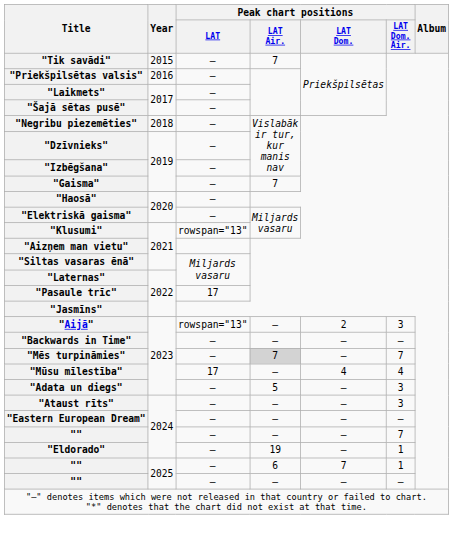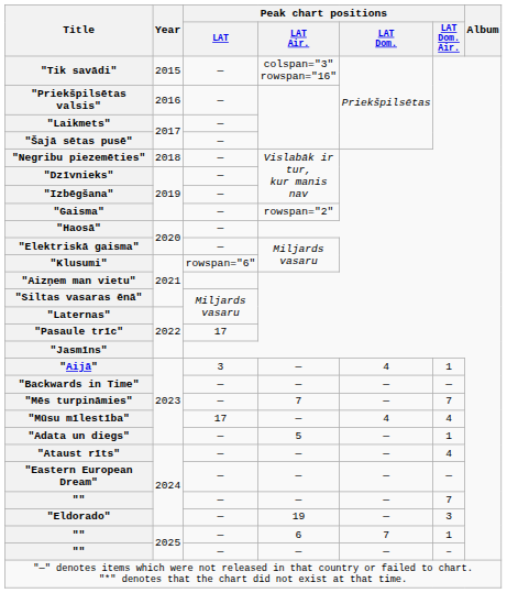 <table class="wikitable plainrowheaders" style="text-align:center;">
 <tr>
 <th scope="col" rowspan="2">Title</th>
 <th scope="col" rowspan="2">Year</th>
 <th scope="col" colspan="4">Peak chart positions</th>
 <th scope="col" rowspan="2">Album</th>
 </tr>
 <tr>
 <th scope="col" style="width:3em;font-size:85%;"><a href='#'>LAT</a><br></th>
 <th scope="col" style="width:3em;font-size:85%;"><a href='#'>LAT<br>Air.</a><br></th>
 <th scope="col" style="width:3em;font-size:85%;"><a href='#'>LAT<br>Dom.</a><br></th>
 <th scope="col" style="width:3em;font-size:85%;"><a href='#'>LAT<br>Dom.<br>Air.</a><br></th>
 </tr>
 <tr>
 <th scope="row">"Tik savādi"</th>
 <td>2015</td>
 <td>—</td>
-<td>7</td>
+<td>colspan="3" rowspan="16" </td>
 <td rowspan="4"><em>Priekšpilsētas</em></td>
 </tr>
 <tr>
 <th scope="row">"Priekšpilsētas valsis"</th>
 <td>2016</td>
 <td>—</td>
 </tr>
 <tr>
 <th scope="row">"Laikmets"</th>
 <td rowspan="2">2017</td>
 <td>—</td>
 </tr>
 <tr>
 <th scope="row">"Šajā sētas pusē"</th>
 <td>—</td>
 </tr>
 <tr>
 <th scope="row">"Negribu piezemēties"</th>
 <td>2018</td>
 <td>—</td>
 <td rowspan="3"><em>Vislabāk ir tur,<br>kur manis nav</em></td>
 </tr>
 <tr>
 <th scope="row">"Dzīvnieks"</th>
 <td rowspan="3">2019</td>
 <td>—</td>
 </tr>
 <tr>
 <th scope="row">"Izbēgšana"</th>
 <td>—</td>
 </tr>
 <tr>
 <th scope="row">"Gaisma"</th>
 <td>—</td>
-<td>7</td>
+<td>rowspan="2" </td>
 </tr>
 <tr>
 <th scope="row">"Haosā"<br></th>
 <td rowspan="2">2020</td>
 <td>—</td>
 </tr>
 <tr>
 <th scope="row">"Elektriskā gaisma"</th>
 <td>—</td>
 <td rowspan="2"><em>Miljards vasaru</em></td>
 </tr>
 <tr>
 <th scope="row">"Klusumi"</th>
 <td rowspan="3">2021</td>
-<td>rowspan="13" </td>
+<td>rowspan="6" </td>
 </tr>
 <tr>
 <th scope="row">"Aizņem man vietu"<br></th>
 <td></td>
 </tr>
 <tr>
 <th scope="row">"Siltas vasaras ēnā"</th>
 <td rowspan="2"><em>Miljards vasaru</em></td>
 </tr>
 <tr>
 <th scope="row">"Laternas"</th>
 <td rowspan="3">2022</td>
 </tr>
 <tr>
 <th scope="row">"Pasaule trīc"<br></th>
 <td>17</td>
 </tr>
 <tr>
 <th scope="row">"Jasmīns"<br></th>
 </tr>
 <tr>
 <th scope="row">"<a href='#'>Aijā</a>"</th>
 <td rowspan="5">2023</td>
-<td>rowspan="13" </td>
+<td>3</td>
 <td>—</td>
-<td>2</td>
-<td>3</td>
+<td>4</td>
+<td>1</td>
 </tr>
 <tr>
 <th scope="row">"Backwards in Time"</th>
 <td>—</td>
 <td>—</td>
 <td>—</td>
 <td>—</td>
 </tr>
 <tr>
 <th scope="row">"Mēs turpināmies"</th>
 <td>—</td>
-<td style="background: lightgrey;">7</td>
+<td>7</td>
 <td>—</td>
 <td>7</td>
 </tr>
 <tr>
 <th scope="row">"Mūsu mīlestība"</th>
 <td>17</td>
 <td>—</td>
 <td>4</td>
 <td>4</td>
 </tr>
 <tr>
 <th scope="row">"Adata un diegs"<br></th>
 <td>—</td>
 <td>5</td>
 <td>—</td>
-<td>3</td>
+<td>1</td>
 </tr>
 <tr>
 <th scope="row">"Ataust rīts"<br></th>
 <td rowspan="4">2024</td>
 <td>—</td>
 <td>—</td>
 <td>—</td>
-<td>3</td>
+<td>4</td>
 </tr>
 <tr>
 <th scope="row">"Eastern European Dream"</th>
 <td>—</td>
 <td>—</td>
 <td>—</td>
 <td>—</td>
 </tr>
 <tr>
 <th scope="row">""</th>
 <td>—</td>
 <td>—</td>
 <td>—</td>
 <td>7</td>
 </tr>
 <tr>
 <th scope="row">"Eldorado"</th>
 <td>—</td>
 <td>19</td>
 <td>—</td>
-<td>1</td>
+<td>3</td>
 </tr>
 <tr>
 <th scope="row">""</th>
 <td rowspan="2">2025</td>
 <td>—</td>
 <td>6</td>
 <td>7</td>
 <td>1</td>
 </tr>
 <tr>
 <th scope="row">""</th>
 <td>—</td>
 <td>—</td>
 <td>—</td>
 <td>–</td>
 </tr>
 <tr>
 <td colspan="7" style="font-size:90%;">"—" denotes items which were not released in that country or failed to chart.<br>"*" denotes that the chart did not exist at that time.</td>
 </tr>
 </table>
